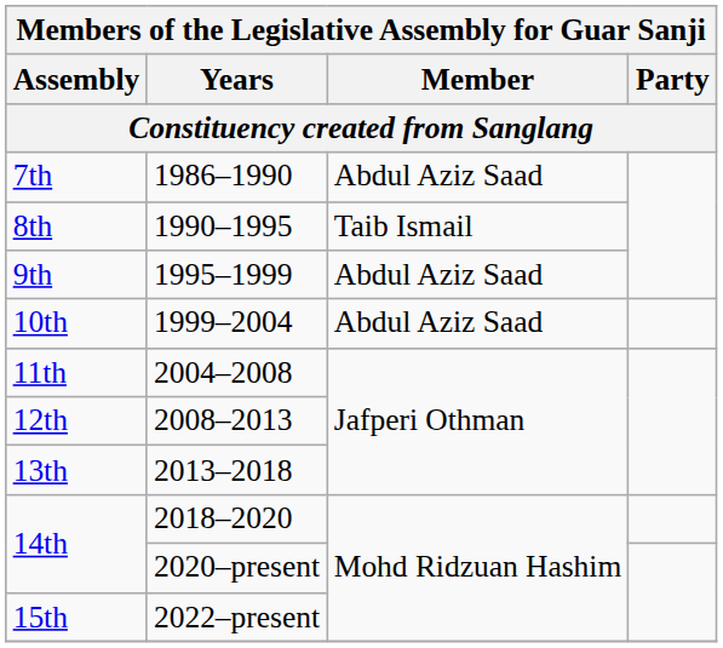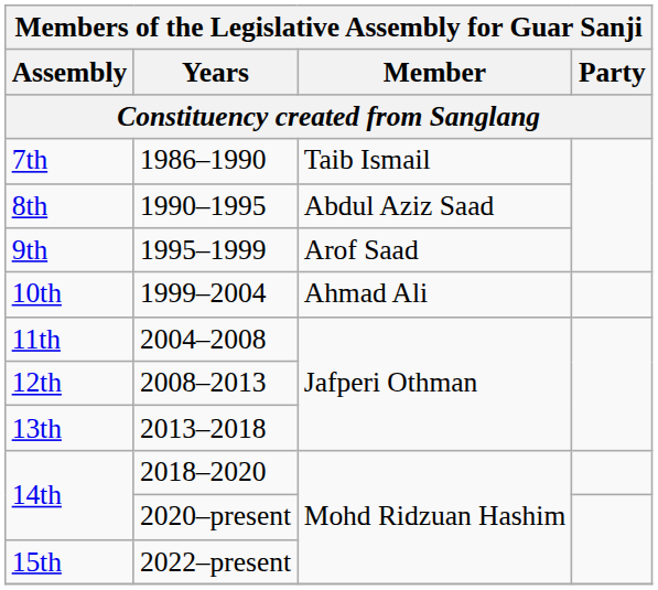 <table class=wikitable>
 <tr>
 <th colspan=4>Members of the Legislative Assembly for Guar Sanji</th>
 </tr>
 <tr>
 <th>Assembly</th>
 <th>Years</th>
 <th>Member</th>
 <th>Party</th>
 </tr>
 <tr>
 <th colspan=4 align=center><em>Constituency created from Sanglang</em></th>
 </tr>
 <tr>
 <td><a href='#'>7th</a></td>
 <td>1986–1990</td>
-<td>Abdul Aziz Saad</td>
+<td>Taib Ismail</td>
 <td rowspan=3></td>
 </tr>
 <tr>
 <td><a href='#'>8th</a></td>
 <td>1990–1995</td>
-<td>Taib Ismail</td>
+<td>Abdul Aziz Saad</td>
 </tr>
 <tr>
 <td><a href='#'>9th</a></td>
 <td>1995–1999</td>
-<td>Abdul Aziz Saad</td>
+<td>Arof Saad</td>
 </tr>
 <tr>
 <td><a href='#'>10th</a></td>
 <td>1999–2004</td>
-<td>Abdul Aziz Saad</td>
+<td>Ahmad Ali</td>
 <td></td>
 </tr>
 <tr>
 <td><a href='#'>11th</a></td>
 <td>2004–2008</td>
 <td rowspan=3>Jafperi Othman</td>
 <td rowspan=3></td>
 </tr>
 <tr>
 <td><a href='#'>12th</a></td>
 <td>2008–2013</td>
 </tr>
 <tr>
 <td><a href='#'>13th</a></td>
 <td>2013–2018</td>
 </tr>
 <tr>
 <td rowspan="2"><a href='#'>14th</a></td>
 <td>2018–2020</td>
 <td rowspan="3">Mohd Ridzuan Hashim</td>
 <td></td>
 </tr>
 <tr>
 <td>2020–present</td>
 <td rowspan=2></td>
 </tr>
 <tr>
 <td><a href='#'>15th</a></td>
 <td>2022–present</td>
 </tr>
 <tr>
 </tr>
 </table>
